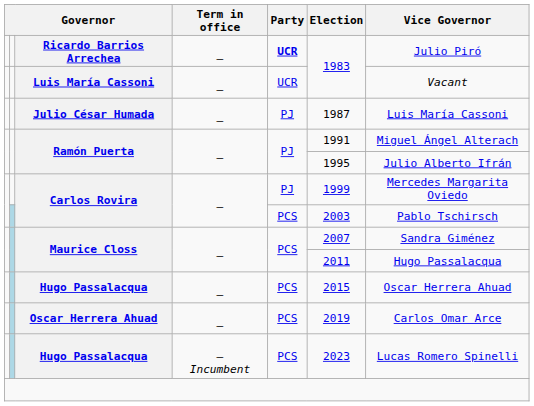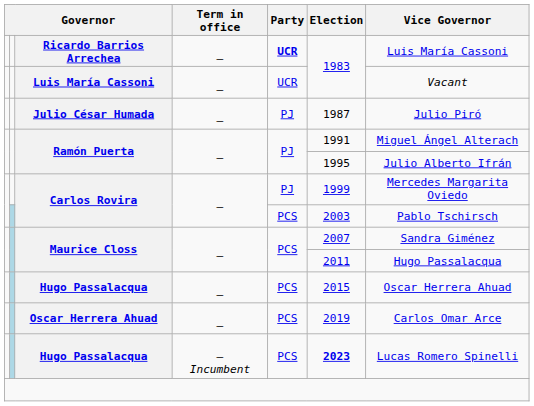 <table class="wikitable sortable" style="text-align: center;">
 <tr>
 <th scope="col" colspan="3">Governor</th>
 <th scope="col">Term in office</th>
 <th scope="col">Party</th>
 <th scope="col">Election</th>
 <th scope="col">Vice Governor</th>
 </tr>
 <tr style="height:2em;">
 <td data-sort-value="Barrios Arrechea, Ricardo"></td>
 <td style="background:"></td>
 <th scope="row"><a href='#'>Ricardo Barrios Arrechea</a></th>
 <td><br>–<br></td>
 <td><strong><a href='#'>UCR</a></strong></td>
 <td rowspan="2"><a href='#'>1983</a></td>
-<td data-sort-value="Piró, Julio"><a href='#'>Julio Piró</a></td>
+<td data-sort-value="Cassoni, Luis María"><a href='#'>Luis María Cassoni</a></td>
 </tr>
 <tr style="height:2em;">
 <td data-sort-value="Cassoni, Luis María"></td>
 <td style="background:"></td>
 <th scope="row"><a href='#'>Luis María Cassoni</a></th>
 <td><br>–<br></td>
 <td><a href='#'>UCR</a></td>
 <td><em>Vacant</em></td>
 </tr>
 <tr style="height:2em;">
 <td data-sort-value="Humada, Julio César"></td>
 <td style="background:"></td>
 <th scope="row"><a href='#'>Julio César Humada</a></th>
 <td><br>–<br></td>
 <td><a href='#'>PJ</a></td>
 <td>1987</td>
-<td data-sort-value="Cassoni, Luis María"><a href='#'>Luis María Cassoni</a></td>
+<td data-sort-value="Piró, Julio"><a href='#'>Julio Piró</a></td>
 </tr>
 <tr style="height:2em;">
 <td rowspan="2" data-sort-value="Puerta, Ramón"></td>
 <td rowspan="2" style="background:"></td>
 <th rowspan="2" scope="row"><a href='#'>Ramón Puerta</a></th>
 <td rowspan="2"><br>–<br></td>
 <td rowspan="2"><a href='#'>PJ</a></td>
 <td>1991</td>
 <td data-sort-value="Alterach, Miguel Ángel"><a href='#'>Miguel Ángel Alterach</a></td>
 </tr>
 <tr style="height:2em;">
 <td>1995</td>
 <td data-sort-value="Ifrán, Julio Alberto"><a href='#'>Julio Alberto Ifrán</a></td>
 </tr>
 <tr style="height:2em;">
 <td rowspan="2" data-sort-value="Rovira, Carlos"></td>
 <td style="background:"></td>
 <th rowspan="2" scope="row"><a href='#'>Carlos Rovira</a></th>
 <td rowspan="2"><br>–<br></td>
 <td><a href='#'>PJ</a></td>
 <td><a href='#'>1999</a></td>
 <td data-sort-value="Oviedo, Mercedes Margarita"><a href='#'>Mercedes Margarita Oviedo</a></td>
 </tr>
 <tr style="height:2em;">
 <td style="background:#ADD8E6;"></td>
 <td><a href='#'>PCS</a></td>
 <td><a href='#'>2003</a></td>
 <td data-sort-value="Tschirsch, Pablo"><a href='#'>Pablo Tschirsch</a></td>
 </tr>
 <tr style="height:2em;">
 <td rowspan="2" data-sort-value="Closs, Maurice"></td>
 <td rowspan="2" style="background:#ADD8E6;"></td>
 <th rowspan="2" scope="row"><a href='#'>Maurice Closs</a></th>
 <td rowspan="2"><br>–<br></td>
 <td rowspan="2"><a href='#'>PCS</a></td>
 <td><a href='#'>2007</a></td>
 <td data-sort-value="Giménez, Sandra "><a href='#'>Sandra Giménez</a></td>
 </tr>
 <tr style="height:2em;">
 <td><a href='#'>2011</a></td>
 <td data-sort-value="Passalacqua, Hugo "><a href='#'>Hugo Passalacqua</a></td>
 </tr>
 <tr style="height:2em;">
 <td data-sort-value="Passalacqua, Hugo"></td>
 <td style="background:#ADD8E6;"></td>
 <th scope="row"><a href='#'>Hugo Passalacqua</a></th>
 <td><br>–<br></td>
 <td><a href='#'>PCS</a></td>
 <td><a href='#'>2015</a></td>
 <td data-sort-value="Herrera Ahuad, Oscar"><a href='#'>Oscar Herrera Ahuad</a></td>
 </tr>
 <tr style="height:2em;">
 <td data-sort-value="Herrera Ahuad, Oscar"></td>
 <td style="background:#ADD8E6;"></td>
 <th scope="row"><a href='#'>Oscar Herrera Ahuad</a></th>
 <td><br>–<br></td>
 <td><a href='#'>PCS</a></td>
 <td><a href='#'>2019</a></td>
 <td data-sort-value="Arce, Carlos Omar"><a href='#'>Carlos Omar Arce</a></td>
 </tr>
 <tr style="height:2em;">
 <td data-sort-value="Passalacqua, Hugo"></td>
 <td style="background:#ADD8E6;"></td>
 <th scope="row"><a href='#'>Hugo Passalacqua</a></th>
 <td><br>–<br><em>Incumbent</em></td>
 <td><a href='#'>PCS</a></td>
-<td><a href='#'>2023</a></td>
+<td><strong><a href='#'>2023</a></strong></td>
 <td data-sort-value="Herrera Ahuad, Oscar"><a href='#'>Lucas Romero Spinelli</a></td>
 </tr>
 <tr style="height:2em;">
 </tr>
 </table>
